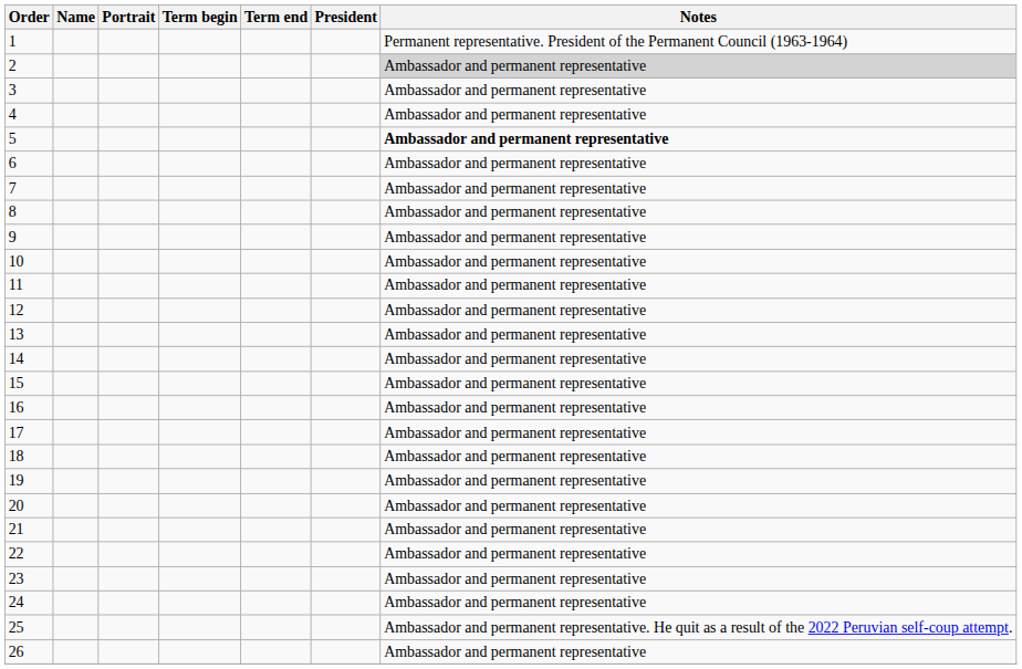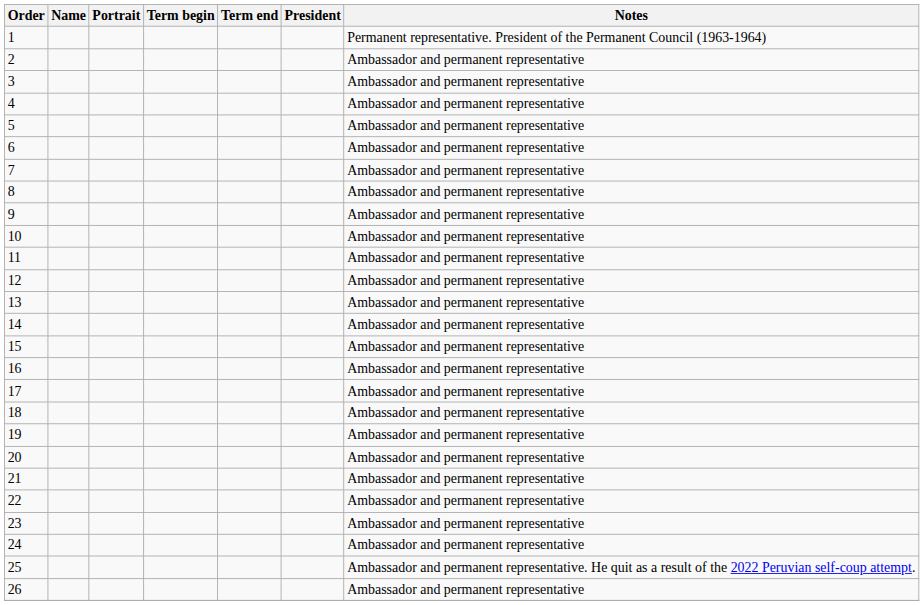 <table class="wikitable sortable"  text-align:center;">
 <tr>
 <th>Order</th>
 <th>Name</th>
 <th class="unsortable">Portrait</th>
 <th>Term begin</th>
 <th>Term end</th>
 <th>President</th>
 <th class="unsortable">Notes</th>
 </tr>
 <tr>
 <td>1</td>
 <td></td>
 <td></td>
 <td></td>
 <td></td>
 <td></td>
 <td>Permanent representative. President of the Permanent Council (1963-1964)</td>
 </tr>
 <tr>
 <td>2</td>
 <td></td>
 <td></td>
 <td></td>
 <td></td>
 <td></td>
-<td style="background: lightgrey;">Ambassador and permanent representative</td>
+<td>Ambassador and permanent representative</td>
 </tr>
 <tr>
 <td>3</td>
 <td></td>
 <td></td>
 <td></td>
 <td></td>
 <td></td>
 <td>Ambassador and permanent representative</td>
 </tr>
 <tr>
 <td>4</td>
 <td></td>
 <td></td>
 <td></td>
 <td></td>
 <td></td>
 <td>Ambassador and permanent representative</td>
 </tr>
 <tr>
 <td>5</td>
 <td></td>
 <td></td>
 <td></td>
 <td></td>
 <td></td>
-<td><strong>Ambassador and permanent representative</strong></td>
+<td>Ambassador and permanent representative</td>
 </tr>
 <tr>
 <td>6</td>
 <td></td>
 <td></td>
 <td></td>
 <td></td>
 <td></td>
 <td>Ambassador and permanent representative</td>
 </tr>
 <tr>
 <td>7</td>
 <td></td>
 <td></td>
 <td></td>
 <td></td>
 <td></td>
 <td>Ambassador and permanent representative</td>
 </tr>
 <tr>
 <td>8</td>
 <td></td>
 <td></td>
 <td></td>
 <td></td>
 <td></td>
 <td>Ambassador and permanent representative</td>
 </tr>
 <tr>
 <td>9</td>
 <td></td>
 <td></td>
 <td></td>
 <td></td>
 <td></td>
 <td>Ambassador and permanent representative</td>
 </tr>
 <tr>
 <td>10</td>
 <td></td>
 <td></td>
 <td></td>
 <td></td>
 <td></td>
 <td>Ambassador and permanent representative</td>
 </tr>
 <tr>
 <td>11</td>
 <td></td>
 <td></td>
 <td></td>
 <td></td>
 <td></td>
 <td>Ambassador and permanent representative</td>
 </tr>
 <tr>
 <td>12</td>
 <td></td>
 <td></td>
 <td></td>
 <td></td>
 <td></td>
 <td>Ambassador and permanent representative</td>
 </tr>
 <tr>
 <td>13</td>
 <td></td>
 <td></td>
 <td></td>
 <td></td>
 <td></td>
 <td>Ambassador and permanent representative</td>
 </tr>
 <tr>
 <td>14</td>
 <td></td>
 <td></td>
 <td></td>
 <td></td>
 <td></td>
 <td>Ambassador and permanent representative</td>
 </tr>
 <tr>
 <td>15</td>
 <td></td>
 <td></td>
 <td></td>
 <td></td>
 <td></td>
 <td>Ambassador and permanent representative</td>
 </tr>
 <tr>
 <td>16</td>
 <td></td>
 <td></td>
 <td></td>
 <td></td>
 <td></td>
 <td>Ambassador and permanent representative</td>
 </tr>
 <tr>
 <td>17</td>
 <td></td>
 <td></td>
 <td></td>
 <td></td>
 <td></td>
 <td>Ambassador and permanent representative</td>
 </tr>
 <tr>
 <td>18</td>
 <td></td>
 <td></td>
 <td></td>
 <td></td>
 <td></td>
 <td>Ambassador and permanent representative</td>
 </tr>
 <tr>
 <td>19</td>
 <td></td>
 <td></td>
 <td></td>
 <td></td>
 <td></td>
 <td>Ambassador and permanent representative</td>
 </tr>
 <tr>
 <td>20</td>
 <td></td>
 <td></td>
 <td></td>
 <td></td>
 <td></td>
 <td>Ambassador and permanent representative</td>
 </tr>
 <tr>
 <td>21</td>
 <td></td>
 <td></td>
 <td></td>
 <td></td>
 <td></td>
 <td>Ambassador and permanent representative</td>
 </tr>
 <tr>
 <td>22</td>
 <td></td>
 <td></td>
 <td></td>
 <td></td>
 <td></td>
 <td>Ambassador and permanent representative</td>
 </tr>
 <tr>
 <td>23</td>
 <td></td>
 <td></td>
 <td></td>
 <td></td>
 <td></td>
 <td>Ambassador and permanent representative</td>
 </tr>
 <tr>
 <td>24</td>
 <td></td>
 <td></td>
 <td></td>
 <td></td>
 <td></td>
 <td>Ambassador and permanent representative</td>
 </tr>
 <tr>
 <td>25</td>
 <td></td>
 <td></td>
 <td></td>
 <td></td>
 <td></td>
 <td>Ambassador and permanent representative. He quit as a result of the <a href='#'>2022 Peruvian self-coup attempt</a>.</td>
 </tr>
 <tr>
 <td>26</td>
 <td></td>
 <td></td>
 <td></td>
 <td></td>
 <td></td>
 <td>Ambassador and permanent representative</td>
 </tr>
 <tr>
 </tr>
 </table>
